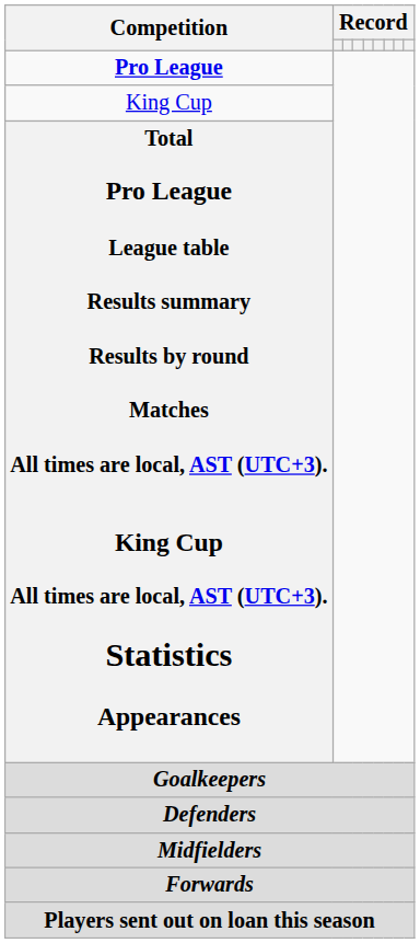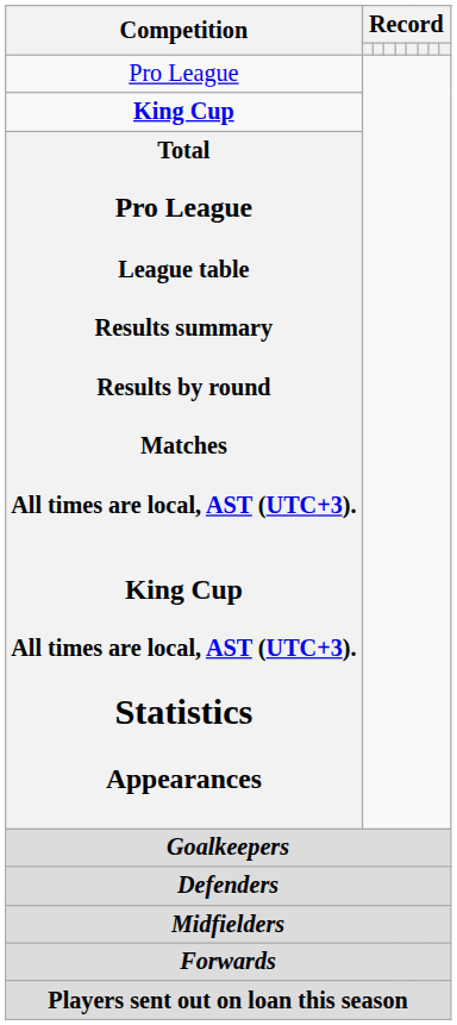 <table class="wikitable" style="text-align: center">
 <tr>
 <th rowspan=2>Competition</th>
 <th colspan=8>Record</th>
 </tr>
 <tr>
 <th></th>
 <th></th>
 <th></th>
 <th></th>
 <th></th>
 <th></th>
 <th></th>
 <th></th>
 </tr>
 <tr>
-<td><strong><a href='#'>Pro League</a><br></strong></td>
+<td><a href='#'>Pro League</a><br></td>
 </tr>
 <tr>
-<td><a href='#'>King Cup</a><br></td>
+<td><strong><a href='#'>King Cup</a><br></strong></td>
 </tr>
 <tr>
 <th>Total<br> <h3>Pro League</h3><h4>League table</h4><h4>Results summary</h4> <h4>Results by round</h4><h4>Matches</h4>All times are local, <a href='#'>AST</a> (<a href='#'>UTC+3</a>).<br>   <br>                             <h3>King Cup</h3> All times are local, <a href='#'>AST</a> (<a href='#'>UTC+3</a>).<br><h2>Statistics</h2><h3>Appearances</h3></th>
 </tr>
 <tr>
 <th colspan=10 style=background:#dcdcdc; text-align:center><em>Goalkeepers</em><br>    </th>
 </tr>
 <tr>
 <th colspan=10 style=background:#dcdcdc; text-align:center><em>Defenders</em><br>           </th>
 </tr>
 <tr>
 <th colspan=10 style=background:#dcdcdc; text-align:center><em>Midfielders</em><br>          </th>
 </tr>
 <tr>
 <th colspan=10 style=background:#dcdcdc; text-align:center><em>Forwards</em><br>    </th>
 </tr>
 <tr>
 <th colspan=16 style=background:#dcdcdc; text-align:center>Players sent out on loan this season<br></th>
 </tr>
 </table>
